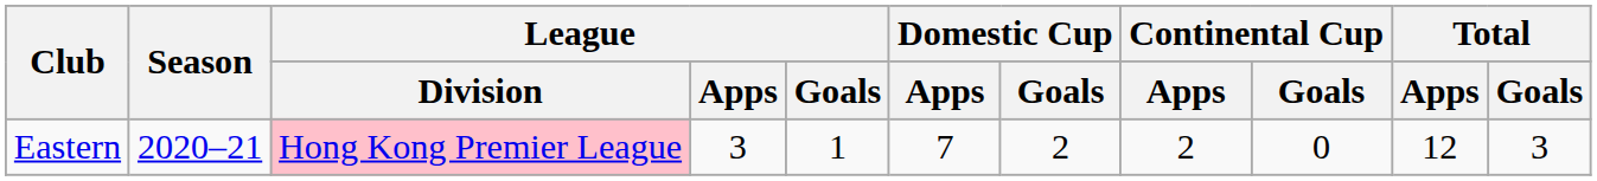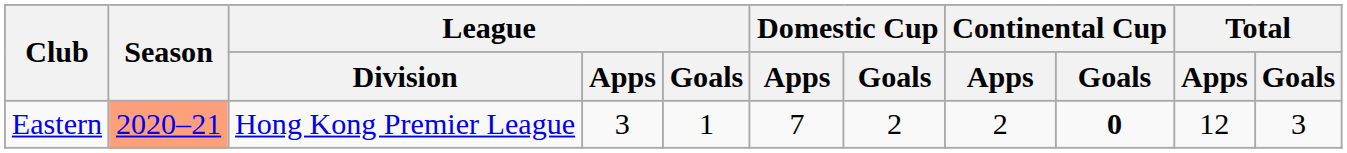 <table class="wikitable" style="text-align:center;">
 <tr>
 <th rowspan="2">Club</th>
 <th rowspan="2">Season</th>
 <th colspan="3">League</th>
 <th colspan="2">Domestic Cup</th>
 <th colspan="2">Continental Cup</th>
 <th colspan="2">Total</th>
 </tr>
 <tr>
 <th>Division</th>
 <th>Apps</th>
 <th>Goals</th>
 <th>Apps</th>
 <th>Goals</th>
 <th>Apps</th>
 <th>Goals</th>
 <th>Apps</th>
 <th>Goals</th>
 </tr>
 <tr>
 <td><a href='#'>Eastern</a></td>
-<td><a href='#'>2020–21</a></td>
-<td style="background: pink;"><a href='#'>Hong Kong Premier League</a></td>
+<td style="background: lightsalmon;"><a href='#'>2020–21</a></td>
+<td><a href='#'>Hong Kong Premier League</a></td>
 <td>3</td>
 <td>1</td>
 <td>7</td>
 <td>2</td>
 <td>2</td>
-<td>0</td>
+<td><strong>0</strong></td>
 <td>12</td>
 <td>3</td>
 </tr>
 </table>
